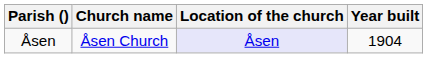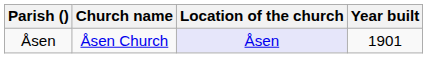 <table class="wikitable" style="text-align:center">
 <tr>
 <th>Parish ()</th>
 <th>Church name</th>
 <th>Location of the church</th>
 <th>Year built</th>
 </tr>
 <tr>
 <td rowspan="1">Åsen</td>
 <td><a href='#'>Åsen Church</a></td>
 <td style="background: lavender;"><a href='#'>Åsen</a></td>
-<td>1904</td>
+<td>1901</td>
 </tr>
 </table>
